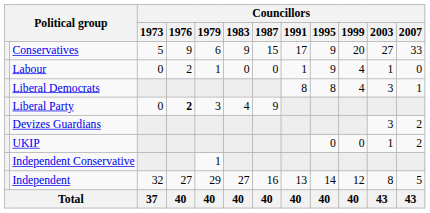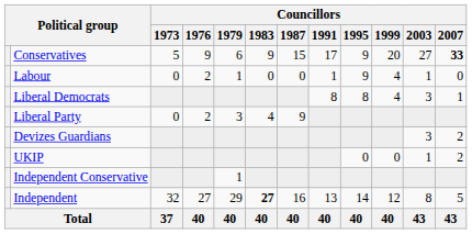 <table class="wikitable" style="text-align:right">
 <tr>
 <th colspan=2 rowspan=2>Political group</th>
 <th colspan=10>Councillors</th>
 </tr>
 <tr>
 <th>1973</th>
 <th>1976</th>
 <th>1979</th>
 <th>1983</th>
 <th>1987</th>
 <th>1991</th>
 <th>1995</th>
 <th>1999</th>
 <th>2003</th>
 <th>2007</th>
 </tr>
 <tr>
 <th style="background-color: "></th>
 <td style="text-align:left"><a href='#'>Conservatives</a></td>
 <td>5</td>
 <td>9</td>
 <td>6</td>
 <td>9</td>
 <td>15</td>
 <td>17</td>
 <td>9</td>
 <td>20</td>
 <td>27</td>
-<td>33</td>
+<td><strong>33</strong></td>
 </tr>
 <tr>
 <th style="background-color: "></th>
 <td style="text-align:left"><a href='#'>Labour</a></td>
 <td>0</td>
 <td>2</td>
 <td>1</td>
 <td>0</td>
 <td>0</td>
 <td>1</td>
 <td>9</td>
 <td>4</td>
 <td>1</td>
 <td>0</td>
 </tr>
 <tr>
 <th style="background-color: "></th>
 <td style="text-align:left"><a href='#'>Liberal Democrats</a></td>
 <td style="background:#eee;"></td>
 <td style="background:#eee;"></td>
 <td style="background:#eee;"></td>
 <td style="background:#eee;"></td>
 <td style="background:#eee;"></td>
 <td>8</td>
 <td>8</td>
 <td>4</td>
 <td>3</td>
 <td>1</td>
 </tr>
 <tr>
 <th style="background-color: "></th>
 <td style="text-align:left"><a href='#'>Liberal Party</a></td>
 <td>0</td>
-<td><strong>2</strong></td>
+<td>2</td>
 <td>3</td>
 <td>4</td>
 <td>9</td>
 <td style="background:#eee;"></td>
 <td style="background:#eee;"></td>
 <td style="background:#eee;"></td>
 <td style="background:#eee;"></td>
 <td style="background:#eee;"></td>
 </tr>
 <tr>
 <th style="background-color: "></th>
 <td style="text-align:left"><a href='#'>Devizes Guardians</a></td>
 <td style="background:#eee;"></td>
 <td style="background:#eee;"></td>
 <td style="background:#eee;"></td>
 <td style="background:#eee;"></td>
 <td style="background:#eee;"></td>
 <td style="background:#eee;"></td>
 <td style="background:#eee;"></td>
 <td style="background:#eee;"></td>
 <td>3</td>
 <td>2</td>
 </tr>
 <tr>
 <th style="background-color: "></th>
 <td style="text-align:left"><a href='#'>UKIP</a></td>
 <td style="background:#eee;"></td>
 <td style="background:#eee;"></td>
 <td style="background:#eee;"></td>
 <td style="background:#eee;"></td>
 <td style="background:#eee;"></td>
 <td style="background:#eee;"></td>
 <td>0</td>
 <td>0</td>
 <td>1</td>
 <td>2</td>
 </tr>
 <tr>
 <th style="background-color: "></th>
 <td style="text-align:left"><a href='#'>Independent Conservative</a></td>
 <td style="background:#eee;"></td>
 <td style="background:#eee;"></td>
 <td>1</td>
 <td style="background:#eee;"></td>
 <td style="background:#eee;"></td>
 <td style="background:#eee;"></td>
 <td style="background:#eee;"></td>
 <td style="background:#eee;"></td>
 <td style="background:#eee;"></td>
 <td style="background:#eee;"></td>
 </tr>
 <tr>
 <th style="background-color: "></th>
 <td style="text-align:left"><a href='#'>Independent</a></td>
 <td>32</td>
 <td>27</td>
 <td>29</td>
-<td>27</td>
+<td><strong>27</strong></td>
 <td>16</td>
 <td>13</td>
 <td>14</td>
 <td>12</td>
 <td>8</td>
 <td>5</td>
 </tr>
 <tr>
 <th colspan=2>Total</th>
 <th>37</th>
 <th>40</th>
 <th>40</th>
 <th>40</th>
 <th>40</th>
 <th>40</th>
 <th>40</th>
 <th>40</th>
 <th>43</th>
 <th>43</th>
 </tr>
 </table>
